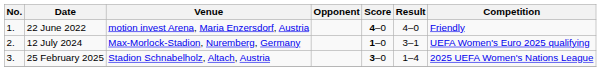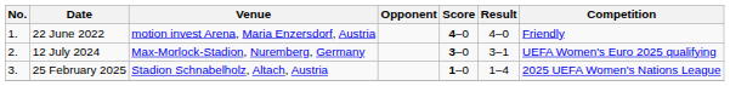 <table class="wikitable">
 <tr>
 <th>No.</th>
 <th>Date</th>
 <th>Venue</th>
 <th>Opponent</th>
 <th>Score</th>
 <th>Result</th>
 <th>Competition</th>
 </tr>
 <tr>
 <td>1.</td>
 <td>22 June 2022</td>
 <td><a href='#'>motion invest Arena</a>, <a href='#'>Maria Enzersdorf</a>, <a href='#'>Austria</a></td>
 <td></td>
 <td align=center><strong>4</strong>–0</td>
 <td align=center>4–0</td>
 <td><a href='#'>Friendly</a></td>
 </tr>
 <tr>
 <td>2.</td>
 <td>12 July 2024</td>
 <td><a href='#'>Max-Morlock-Stadion</a>, <a href='#'>Nuremberg</a>, <a href='#'>Germany</a></td>
 <td></td>
-<td align=center><strong>1</strong>–0</td>
+<td align=center><strong>3</strong>–0</td>
 <td align=center>3–1</td>
 <td><a href='#'>UEFA Women's Euro 2025 qualifying</a></td>
 </tr>
 <tr>
 <td>3.</td>
 <td>25 February 2025</td>
 <td><a href='#'>Stadion Schnabelholz</a>, <a href='#'>Altach</a>, <a href='#'>Austria</a></td>
 <td></td>
-<td align=center><strong>3</strong>–0</td>
+<td align=center><strong>1</strong>–0</td>
 <td align=center>1–4</td>
 <td><a href='#'>2025 UEFA Women's Nations League</a></td>
 </tr>
 <tr>
 </tr>
 </table>
